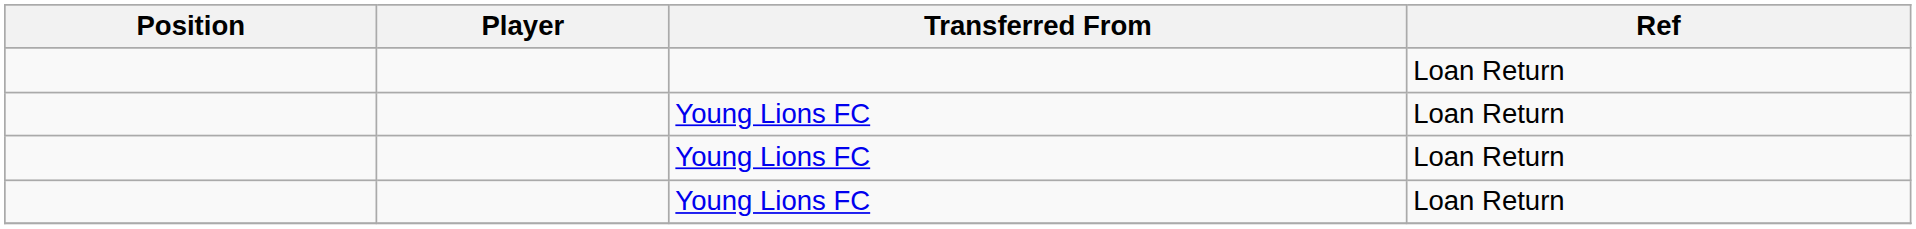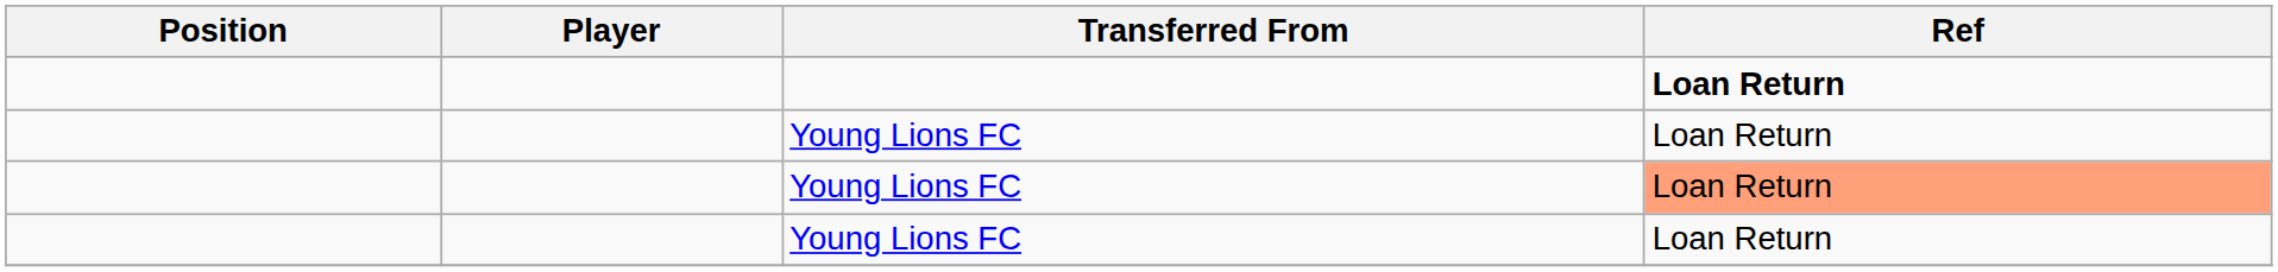 <table class="wikitable sortable" style="width:70%; text-align:center; font-size:100%; text-align:left;">
 <tr>
 <th><strong>Position</strong></th>
 <th><strong>Player</strong></th>
 <th><strong>Transferred From</strong></th>
 <th><strong>Ref</strong></th>
 </tr>
 <tr>
 <td></td>
 <td></td>
 <td></td>
-<td>Loan Return  </td>
+<td><strong>Loan Return  </strong></td>
 </tr>
 <tr>
 <td></td>
 <td></td>
 <td>  <a href='#'>Young Lions FC</a></td>
 <td>Loan Return </td>
 </tr>
 <tr>
 <td></td>
 <td></td>
 <td> <a href='#'>Young Lions FC</a></td>
-<td>Loan Return </td>
+<td style="background: lightsalmon;">Loan Return </td>
 </tr>
 <tr>
 <td></td>
 <td></td>
 <td> <a href='#'>Young Lions FC</a></td>
 <td>Loan Return</td>
 </tr>
 <tr>
 </tr>
 </table>
